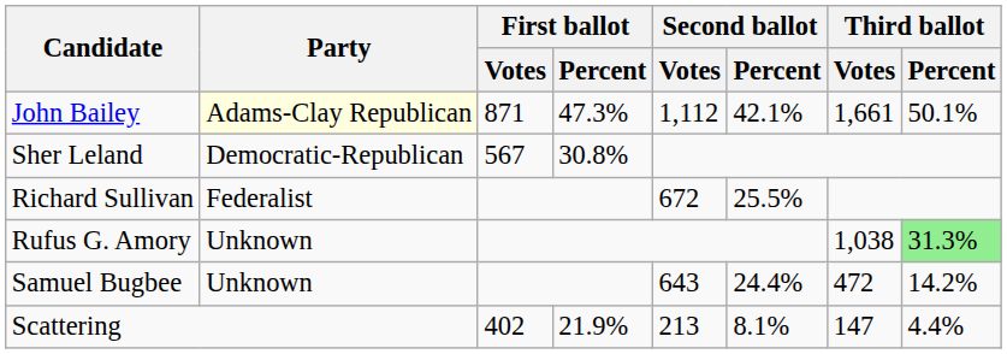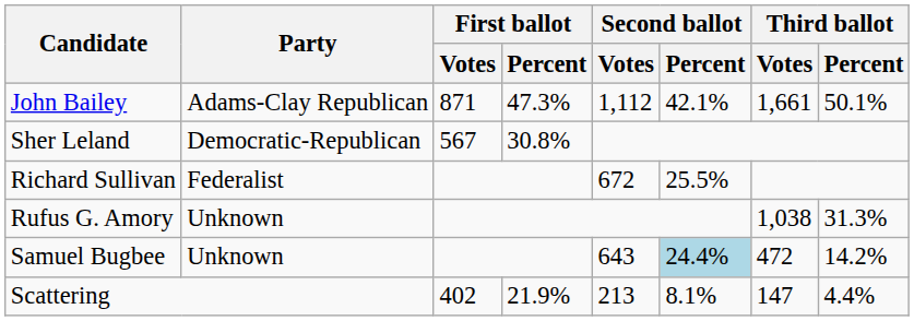 <table class=wikitable>
 <tr>
 <th rowspan=2>Candidate</th>
 <th rowspan=2>Party</th>
 <th colspan=2>First ballot</th>
 <th colspan=2>Second ballot</th>
 <th colspan=2>Third ballot</th>
 </tr>
 <tr>
 <th>Votes</th>
 <th>Percent</th>
 <th>Votes</th>
 <th>Percent</th>
 <th>Votes</th>
 <th>Percent</th>
 </tr>
 <tr>
 <td><a href='#'>John Bailey</a></td>
-<td style="background: lightyellow;">Adams-Clay Republican</td>
+<td>Adams-Clay Republican</td>
 <td>871</td>
 <td>47.3%</td>
 <td>1,112</td>
 <td>42.1%</td>
 <td>1,661</td>
 <td>50.1%</td>
 </tr>
 <tr>
 <td>Sher Leland</td>
 <td>Democratic-Republican</td>
 <td>567</td>
 <td>30.8%</td>
 <td colspan=4></td>
 </tr>
 <tr>
 <td>Richard Sullivan</td>
 <td>Federalist</td>
 <td colspan=2></td>
 <td>672</td>
 <td>25.5%</td>
 <td colspan=2></td>
 </tr>
 <tr>
 <td>Rufus G. Amory</td>
 <td>Unknown</td>
 <td colspan=4></td>
 <td>1,038</td>
-<td style="background: lightgreen;">31.3%</td>
+<td>31.3%</td>
 </tr>
 <tr>
 <td>Samuel Bugbee</td>
 <td>Unknown</td>
 <td colspan=2></td>
 <td>643</td>
-<td>24.4%</td>
+<td style="background: lightblue;">24.4%</td>
 <td>472</td>
 <td>14.2%</td>
 </tr>
 <tr>
 <td colspan=2>Scattering</td>
 <td>402</td>
 <td>21.9%</td>
 <td>213</td>
 <td>8.1%</td>
 <td>147</td>
 <td>4.4%</td>
 </tr>
 </table>
